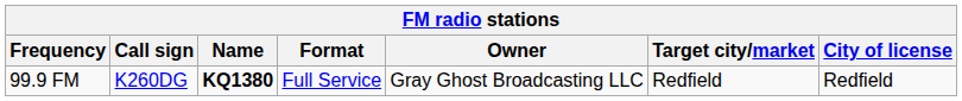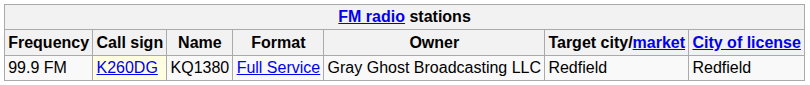 <table class="wikitable">
 <tr>
 <th align="center" colspan="7"><strong><a href='#'>FM radio</a> stations</strong></th>
 </tr>
 <tr>
 <th>Frequency</th>
 <th>Call sign</th>
 <th>Name</th>
 <th>Format</th>
 <th>Owner</th>
 <th>Target city/<a href='#'>market</a></th>
 <th><a href='#'>City of license</a></th>
 </tr>
 <tr>
 <td>99.9 FM</td>
-<td><a href='#'>K260DG</a></td>
-<td><strong>KQ1380</strong></td>
+<td style="background: lightyellow;"><a href='#'>K260DG</a></td>
+<td>KQ1380</td>
 <td><a href='#'>Full Service</a></td>
 <td>Gray Ghost Broadcasting LLC</td>
 <td>Redfield</td>
 <td>Redfield</td>
 </tr>
 <tr>
 </tr>
 </table>
